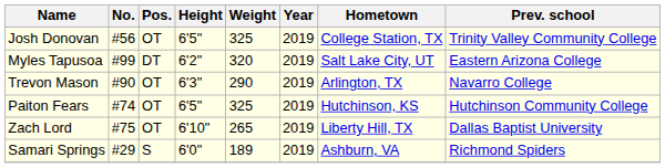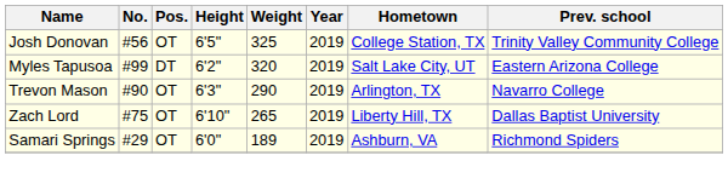 <table class="wikitable sortable">
 <tr>
 <th>Name</th>
 <th>No.</th>
 <th>Pos.</th>
 <th>Height</th>
 <th>Weight</th>
 <th>Year</th>
 <th>Hometown</th>
 <th class="unsortable">Prev. school</th>
 </tr>
 <tr style="background:#FFFFE6;">
 <td>Josh Donovan</td>
 <td>#56</td>
 <td>OT</td>
 <td>6'5"</td>
 <td>325</td>
 <td>2019</td>
 <td><a href='#'>College Station, TX</a></td>
 <td><a href='#'>Trinity Valley Community College</a></td>
 </tr>
 <tr style="background:#FFFFE6;">
 <td>Myles Tapusoa</td>
 <td>#99</td>
 <td>DT</td>
 <td>6'2"</td>
 <td>320</td>
 <td>2019</td>
 <td><a href='#'>Salt Lake City, UT</a></td>
 <td><a href='#'>Eastern Arizona College</a></td>
 </tr>
 <tr style="background:#FFFFE6;">
 <td>Trevon Mason</td>
 <td>#90</td>
 <td>OT</td>
 <td>6'3"</td>
 <td>290</td>
 <td>2019</td>
 <td><a href='#'>Arlington, TX</a></td>
 <td><a href='#'>Navarro College</a></td>
 </tr>
 <tr style="background:#FFFFE6;">
-<td>Paiton Fears</td>
-<td>#74</td>
-<td>OT</td>
-<td>6'5"</td>
-<td>325</td>
-<td>2019</td>
-<td><a href='#'>Hutchinson, KS</a></td>
-<td><a href='#'>Hutchinson Community College</a></td>
-</tr>
-<tr style="background:#FFFFE6;">
 <td>Zach Lord</td>
 <td>#75</td>
 <td>OT</td>
 <td>6'10"</td>
 <td>265</td>
 <td>2019</td>
 <td><a href='#'>Liberty Hill, TX</a></td>
 <td><a href='#'>Dallas Baptist University</a></td>
 </tr>
 <tr style="background:#FFFFE6;">
 <td>Samari Springs</td>
 <td>#29</td>
-<td>S</td>
+<td>OT</td>
 <td>6'0"</td>
 <td>189</td>
 <td>2019</td>
 <td><a href='#'>Ashburn, VA</a></td>
 <td><a href='#'>Richmond Spiders</a></td>
 </tr>
 <tr>
 </tr>
 </table>
